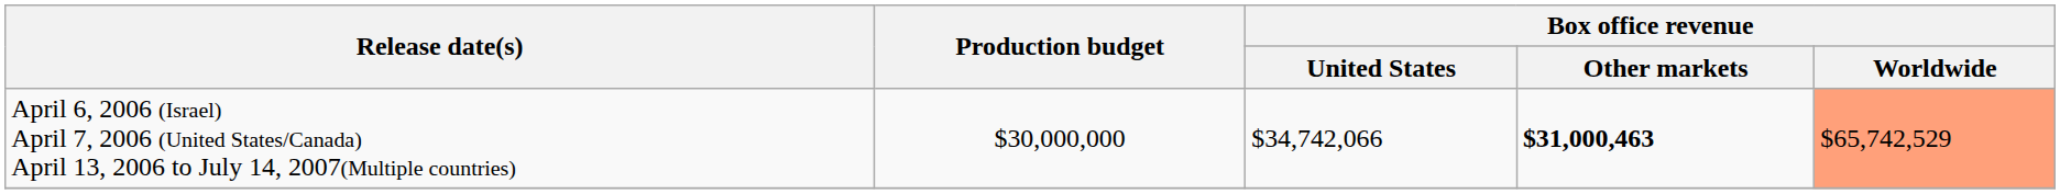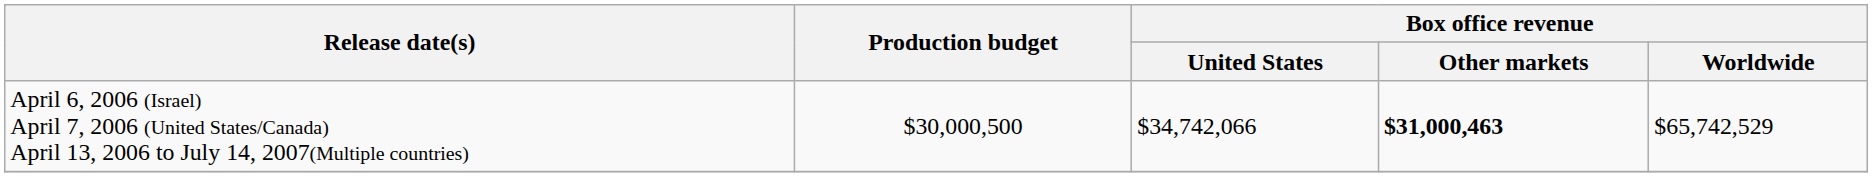 <table class="wikitable" width=99% border="1">
 <tr>
 <th rowspan="2"  align="center"><strong>Release date(s)</strong></th>
 <th rowspan="2"   align="center"><strong>Production budget</strong></th>
 <th colspan="3"  align="center"><strong>Box office revenue</strong></th>
 </tr>
 <tr>
 <th align="center"><strong>United States</strong></th>
 <th align="center"><strong>Other markets</strong></th>
 <th align="center"><strong>Worldwide</strong></th>
 </tr>
 <tr>
 <td>April 6, 2006 <small>(Israel)</small><br>April 7, 2006 <small>(United States/Canada)</small><br>April 13, 2006 to July 14, 2007<small>(Multiple countries)</small></td>
-<td align="center">$30,000,000</td>
+<td align="center">$30,000,500</td>
 <td>$34,742,066</td>
 <td><strong>$31,000,463</strong></td>
-<td style="background: lightsalmon;">$65,742,529</td>
+<td>$65,742,529</td>
 </tr>
 <tr>
 </tr>
 </table>
